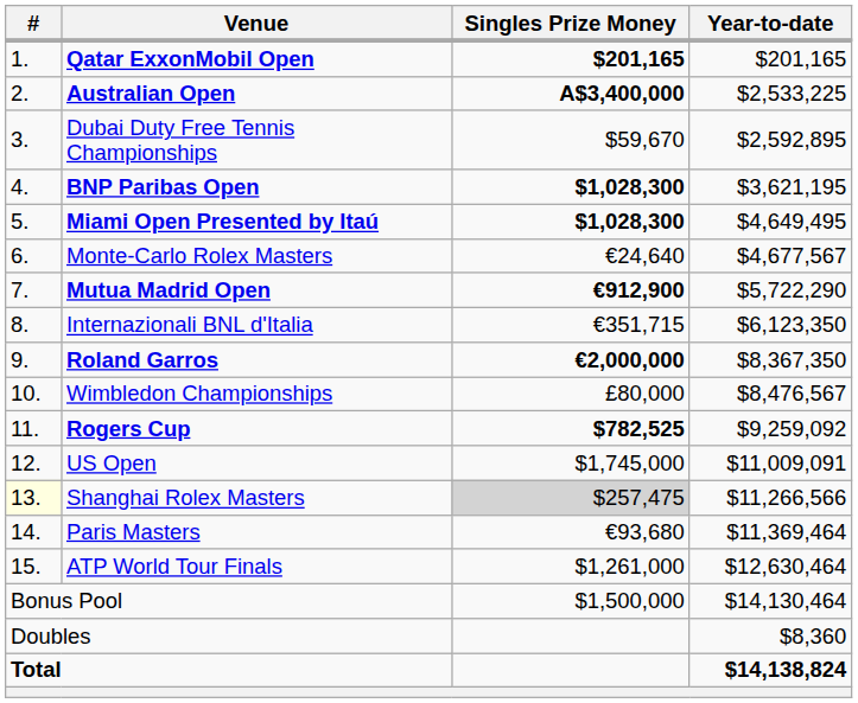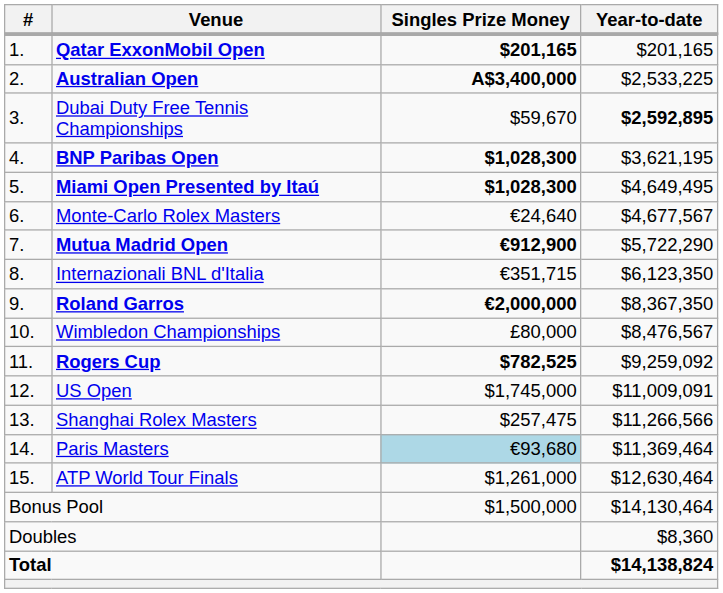 <table class="wikitable" style="font-size:90%">
 <tr>
 <th style="width:30px;">#</th>
 <th style="width:250px;">Venue</th>
 <th style="width:150px;">Singles Prize Money</th>
 <th style="width:100px;">Year-to-date</th>
 </tr>
 <tr style="text-align:center; border-bottom:3px solid darkgrey">
 </tr>
 <tr>
 <td>1.</td>
 <td><strong><a href='#'>Qatar ExxonMobil Open</a></strong></td>
 <td style="text-align:right;"><strong>$201,165</strong></td>
 <td style="text-align:right;">$201,165</td>
 </tr>
 <tr>
 <td>2.</td>
 <td><strong><a href='#'>Australian Open</a></strong></td>
 <td style="text-align:right;"><strong>A$3,400,000</strong></td>
 <td style="text-align:right;">$2,533,225</td>
 </tr>
 <tr>
 <td>3.</td>
 <td><a href='#'>Dubai Duty Free Tennis Championships</a></td>
 <td style="text-align:right;">$59,670</td>
-<td style="text-align:right;">$2,592,895</td>
+<td style="text-align:right;"><strong>$2,592,895</strong></td>
 </tr>
 <tr>
 <td>4.</td>
 <td><strong><a href='#'>BNP Paribas Open</a></strong></td>
 <td style="text-align:right;"><strong>$1,028,300</strong></td>
 <td style="text-align:right;">$3,621,195</td>
 </tr>
 <tr>
 <td>5.</td>
 <td><strong><a href='#'>Miami Open Presented by Itaú</a></strong></td>
 <td style="text-align:right;"><strong>$1,028,300</strong></td>
 <td style="text-align:right;">$4,649,495</td>
 </tr>
 <tr>
 <td>6.</td>
 <td><a href='#'>Monte-Carlo Rolex Masters</a></td>
 <td style="text-align:right;">€24,640</td>
 <td style="text-align:right;">$4,677,567</td>
 </tr>
 <tr>
 <td>7.</td>
 <td><strong><a href='#'>Mutua Madrid Open</a></strong></td>
 <td style="text-align:right;"><strong>€912,900</strong></td>
 <td style="text-align:right;">$5,722,290</td>
 </tr>
 <tr>
 <td>8.</td>
 <td><a href='#'>Internazionali BNL d'Italia</a></td>
 <td style="text-align:right;">€351,715</td>
 <td style="text-align:right;">$6,123,350</td>
 </tr>
 <tr>
 <td>9.</td>
 <td><strong><a href='#'>Roland Garros</a></strong></td>
 <td style="text-align:right;"><strong>€2,000,000</strong></td>
 <td style="text-align:right;">$8,367,350</td>
 </tr>
 <tr>
 <td>10.</td>
 <td><a href='#'>Wimbledon Championships</a></td>
 <td style="text-align:right;">£80,000</td>
 <td style="text-align:right;">$8,476,567</td>
 </tr>
 <tr>
 <td>11.</td>
 <td><strong><a href='#'>Rogers Cup</a></strong></td>
 <td style="text-align:right;"><strong>$782,525</strong></td>
 <td style="text-align:right;">$9,259,092</td>
 </tr>
 <tr>
 <td>12.</td>
 <td><a href='#'>US Open</a></td>
 <td style="text-align:right;">$1,745,000</td>
 <td style="text-align:right;">$11,009,091</td>
 </tr>
 <tr>
-<td style="background: lightyellow;">13.</td>
+<td>13.</td>
 <td><a href='#'>Shanghai Rolex Masters</a></td>
-<td style="background: lightgrey; text-align:right;">$257,475</td>
+<td style="text-align:right;">$257,475</td>
 <td style="text-align:right;">$11,266,566</td>
 </tr>
 <tr>
 <td>14.</td>
 <td><a href='#'>Paris Masters</a></td>
-<td style="text-align:right;">€93,680</td>
+<td style="background: lightblue; text-align:right;">€93,680</td>
 <td style="text-align:right;">$11,369,464</td>
 </tr>
 <tr>
 <td>15.</td>
 <td><a href='#'>ATP World Tour Finals</a></td>
 <td style="text-align:right;">$1,261,000</td>
 <td style="text-align:right;">$12,630,464</td>
 </tr>
 <tr>
 <td colspan=2>Bonus Pool</td>
 <td style="text-align:right;">$1,500,000</td>
 <td style="text-align:right;">$14,130,464</td>
 </tr>
 <tr>
 <td colspan=2>Doubles</td>
 <td style="text-align:right;"></td>
 <td style="text-align:right;">$8,360</td>
 </tr>
 <tr>
 <td colspan=2><strong>Total</strong></td>
 <td style="text-align:right;"></td>
 <td style="text-align:right;"><strong>$14,138,824 </strong></td>
 </tr>
 <tr>
 <th colspan=9> </th>
 </tr>
 </table>
